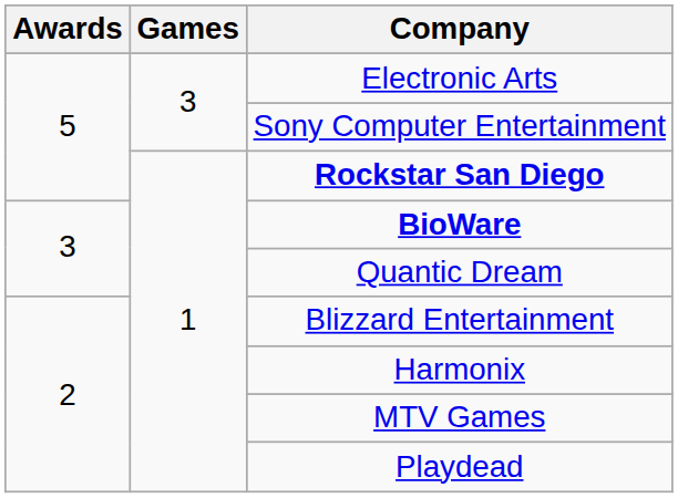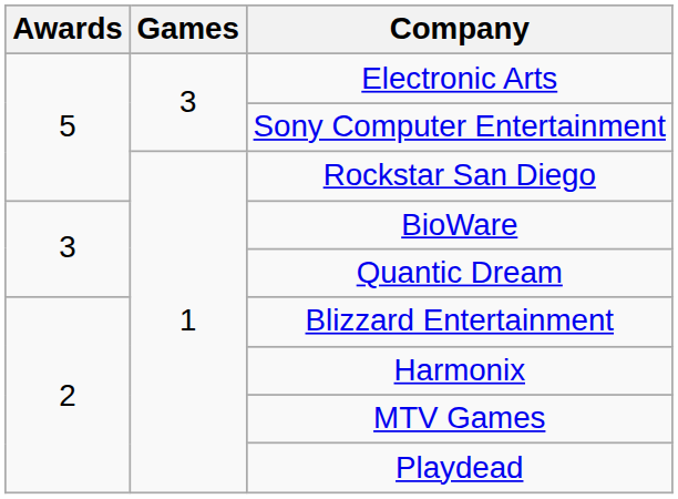 <table class="wikitable floatright" rowspan="2" style="text-align:center;" background: #f6e39c;>
 <tr>
 <th scope="col">Awards</th>
 <th scope="col">Games</th>
 <th scope="col">Company</th>
 </tr>
 <tr>
 <td rowspan=3>5</td>
 <td rowspan=2>3</td>
 <td><a href='#'>Electronic Arts</a></td>
 </tr>
 <tr>
 <td><a href='#'>Sony Computer Entertainment</a></td>
 </tr>
 <tr>
 <td rowspan=8>1</td>
-<td><strong><a href='#'>Rockstar San Diego</a></strong></td>
+<td><a href='#'>Rockstar San Diego</a></td>
 </tr>
 <tr>
 <td rowspan=2>3</td>
-<td><strong><a href='#'>BioWare</a></strong></td>
+<td><a href='#'>BioWare</a></td>
 </tr>
 <tr>
 <td><a href='#'>Quantic Dream</a></td>
 </tr>
 <tr>
 <td rowspan=4>2</td>
 <td><a href='#'>Blizzard Entertainment</a></td>
 </tr>
 <tr>
 <td><a href='#'>Harmonix</a></td>
 </tr>
 <tr>
 <td><a href='#'>MTV Games</a></td>
 </tr>
 <tr>
 <td><a href='#'>Playdead</a></td>
 </tr>
 </table>
